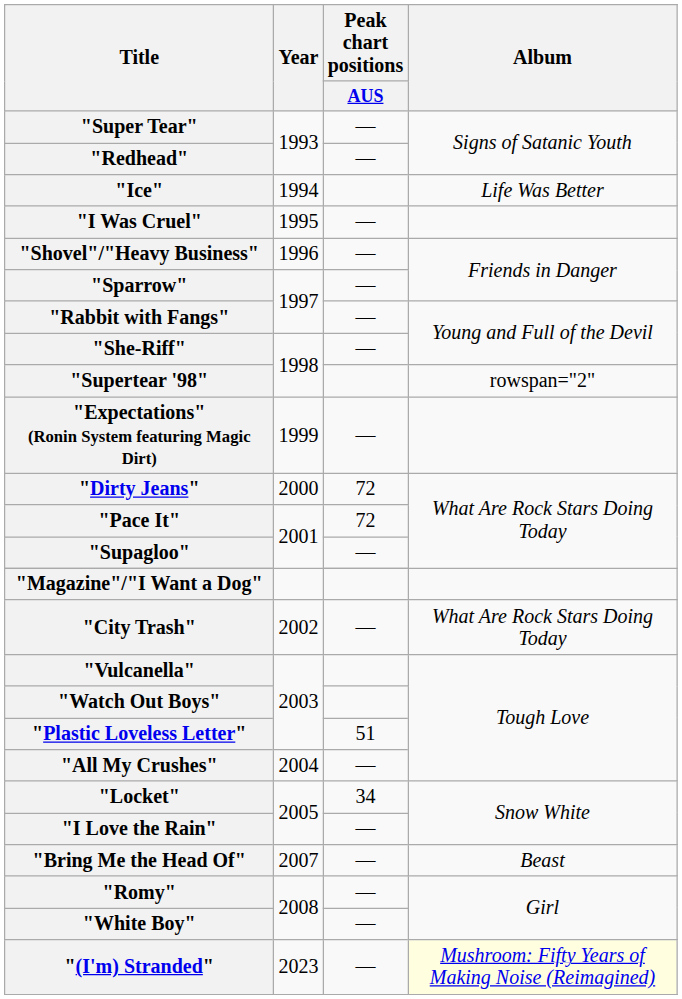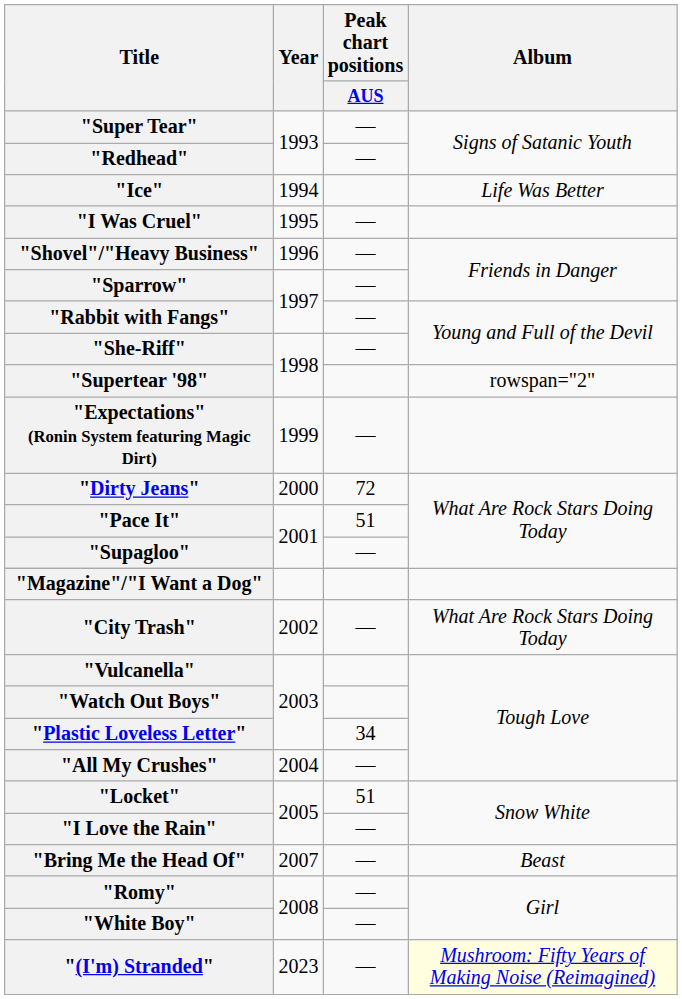 <table class="wikitable plainrowheaders" style="text-align:center;">
 <tr>
 <th scope="col" rowspan="2" style="width:13em;">Title</th>
 <th scope="col" rowspan="2" style="width:1em;">Year</th>
 <th scope="col" colspan="1">Peak chart positions</th>
 <th scope="col" rowspan="2" style="width:13em;">Album</th>
 </tr>
 <tr>
 <th scope="col" style="width:3em;font-size:90%;"><a href='#'>AUS</a><br></th>
 </tr>
 <tr>
 <th scope="row">"Super Tear"</th>
 <td rowspan="2">1993</td>
 <td>—</td>
 <td rowspan="2"><em>Signs of Satanic Youth</em></td>
 </tr>
 <tr>
 <th scope="row">"Redhead"</th>
 <td>—</td>
 </tr>
 <tr>
 <th scope="row">"Ice"</th>
 <td>1994</td>
 <td></td>
 <td><em>Life Was Better</em></td>
 </tr>
 <tr>
 <th scope="row">"I Was Cruel"</th>
 <td>1995</td>
 <td>—</td>
 <td></td>
 </tr>
 <tr>
 <th scope="row">"Shovel"/"Heavy Business"</th>
 <td>1996</td>
 <td>—</td>
 <td rowspan="2"><em>Friends in Danger</em></td>
 </tr>
 <tr>
 <th scope="row">"Sparrow"</th>
 <td rowspan="2">1997</td>
 <td>—</td>
 </tr>
 <tr>
 <th scope="row">"Rabbit with Fangs"</th>
 <td>—</td>
 <td rowspan="2"><em>Young and Full of the Devil</em></td>
 </tr>
 <tr>
 <th scope="row">"She-Riff"</th>
 <td rowspan="2">1998</td>
 <td>—</td>
 </tr>
 <tr>
 <th scope="row">"Supertear '98"</th>
 <td></td>
 <td>rowspan="2" </td>
 </tr>
 <tr>
 <th scope="row">"Expectations" <br><small>(Ronin System featuring Magic Dirt)</small></th>
 <td>1999</td>
 <td>—</td>
 </tr>
 <tr>
 <th scope="row">"<a href='#'>Dirty Jeans</a>"</th>
 <td>2000</td>
 <td>72</td>
 <td rowspan="3"><em>What Are Rock Stars Doing Today</em></td>
 </tr>
 <tr>
 <th scope="row">"Pace It"</th>
 <td rowspan="3">2001</td>
-<td>72</td>
+<td>51</td>
 </tr>
 <tr>
 <th scope="row">"Supagloo"</th>
 <td>—</td>
 </tr>
 <tr>
 </tr>
 <tr>
 <th scope="row">"Magazine"/"I Want a Dog"</th>
 <td></td>
 <td></td>
 </tr>
 <tr>
 <th scope="row">"City Trash"</th>
 <td>2002</td>
 <td>—</td>
 <td><em>What Are Rock Stars Doing Today</em></td>
 </tr>
 <tr>
 <th scope="row">"Vulcanella"</th>
 <td rowspan="3">2003</td>
 <td></td>
 <td rowspan="4"><em>Tough Love</em></td>
 </tr>
 <tr>
 <th scope="row">"Watch Out Boys"</th>
 <td></td>
 </tr>
 <tr>
 <th scope="row">"<a href='#'>Plastic Loveless Letter</a>"</th>
-<td>51</td>
+<td>34</td>
 </tr>
 <tr>
 <th scope="row">"All My Crushes"</th>
 <td>2004</td>
 <td>—</td>
 </tr>
 <tr>
 <th scope="row">"Locket"</th>
 <td rowspan="2">2005</td>
-<td>34</td>
+<td>51</td>
 <td rowspan="2"><em>Snow White</em></td>
 </tr>
 <tr>
 <th scope="row">"I Love the Rain"</th>
 <td>—</td>
 </tr>
 <tr>
 <th scope="row">"Bring Me the Head Of"</th>
 <td>2007</td>
 <td>—</td>
 <td><em>Beast</em></td>
 </tr>
 <tr>
 <th scope="row">"Romy"</th>
 <td rowspan="2">2008</td>
 <td>—</td>
 <td rowspan="2"><em>Girl</em></td>
 </tr>
 <tr>
 <th scope="row">"White Boy"</th>
 <td>—</td>
 </tr>
 <tr>
 <th scope="row">"<a href='#'>(I'm) Stranded</a>"</th>
 <td>2023</td>
 <td>—</td>
 <td style="background: lightyellow;"><em><a href='#'>Mushroom: Fifty Years of Making Noise (Reimagined)</a></em></td>
 </tr>
 <tr>
 </tr>
 </table>
